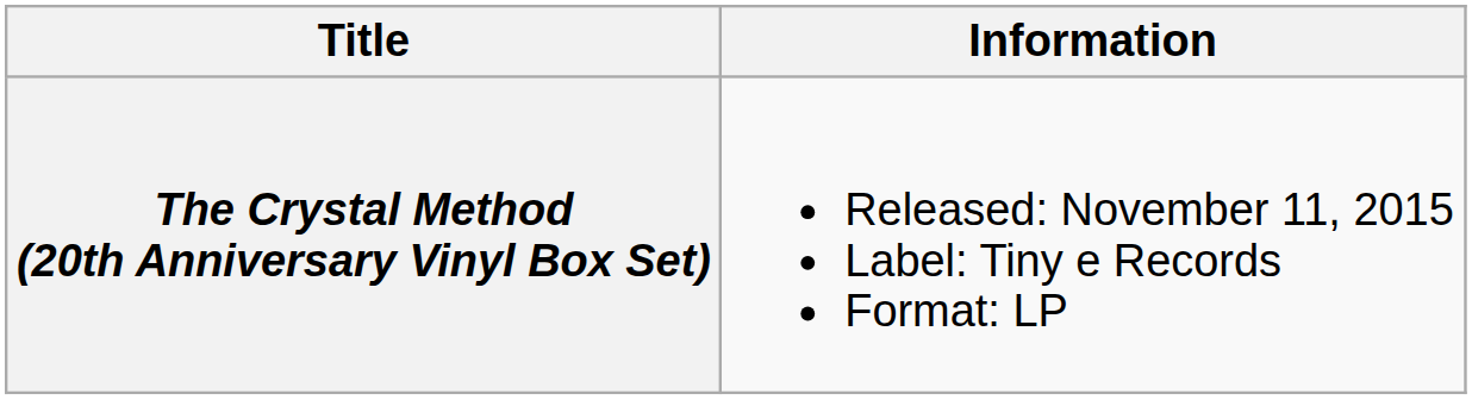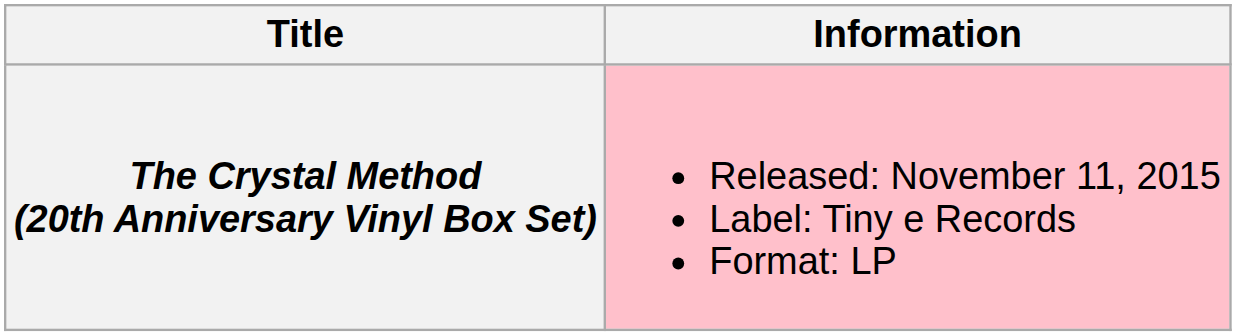 <table class="wikitable plainrowheaders">
 <tr>
 <th scope="col">Title</th>
 <th scope="col">Information</th>
 </tr>
 <tr>
 <th scope="row"><em>The Crystal Method<br>(20th Anniversary Vinyl Box Set)</em></th>
-<td><br><ul><li>Released: November 11, 2015</li><li>Label: Tiny e Records</li><li>Format: LP</li></ul></td>
+<td style="background: pink;"><br><ul><li>Released: November 11, 2015</li><li>Label: Tiny e Records</li><li>Format: LP</li></ul></td>
 </tr>
 </table>
